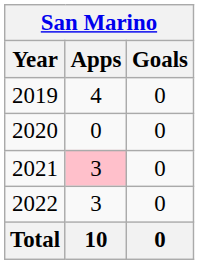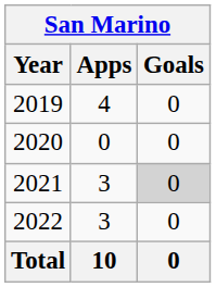 <table class="wikitable" style="text-align:center">
 <tr>
 <th colspan=3><a href='#'>San Marino</a></th>
 </tr>
 <tr>
 <th>Year</th>
 <th>Apps</th>
 <th>Goals</th>
 </tr>
 <tr>
 <td>2019</td>
 <td>4</td>
 <td>0</td>
 </tr>
 <tr>
 <td>2020</td>
 <td>0</td>
 <td>0</td>
 </tr>
 <tr>
 <td>2021</td>
-<td style="background: pink;">3</td>
-<td>0</td>
+<td>3</td>
+<td style="background: lightgrey;">0</td>
 </tr>
 <tr>
 <td>2022</td>
 <td>3</td>
 <td>0</td>
 </tr>
 <tr>
 <th>Total</th>
 <th>10</th>
 <th>0</th>
 </tr>
 </table>
